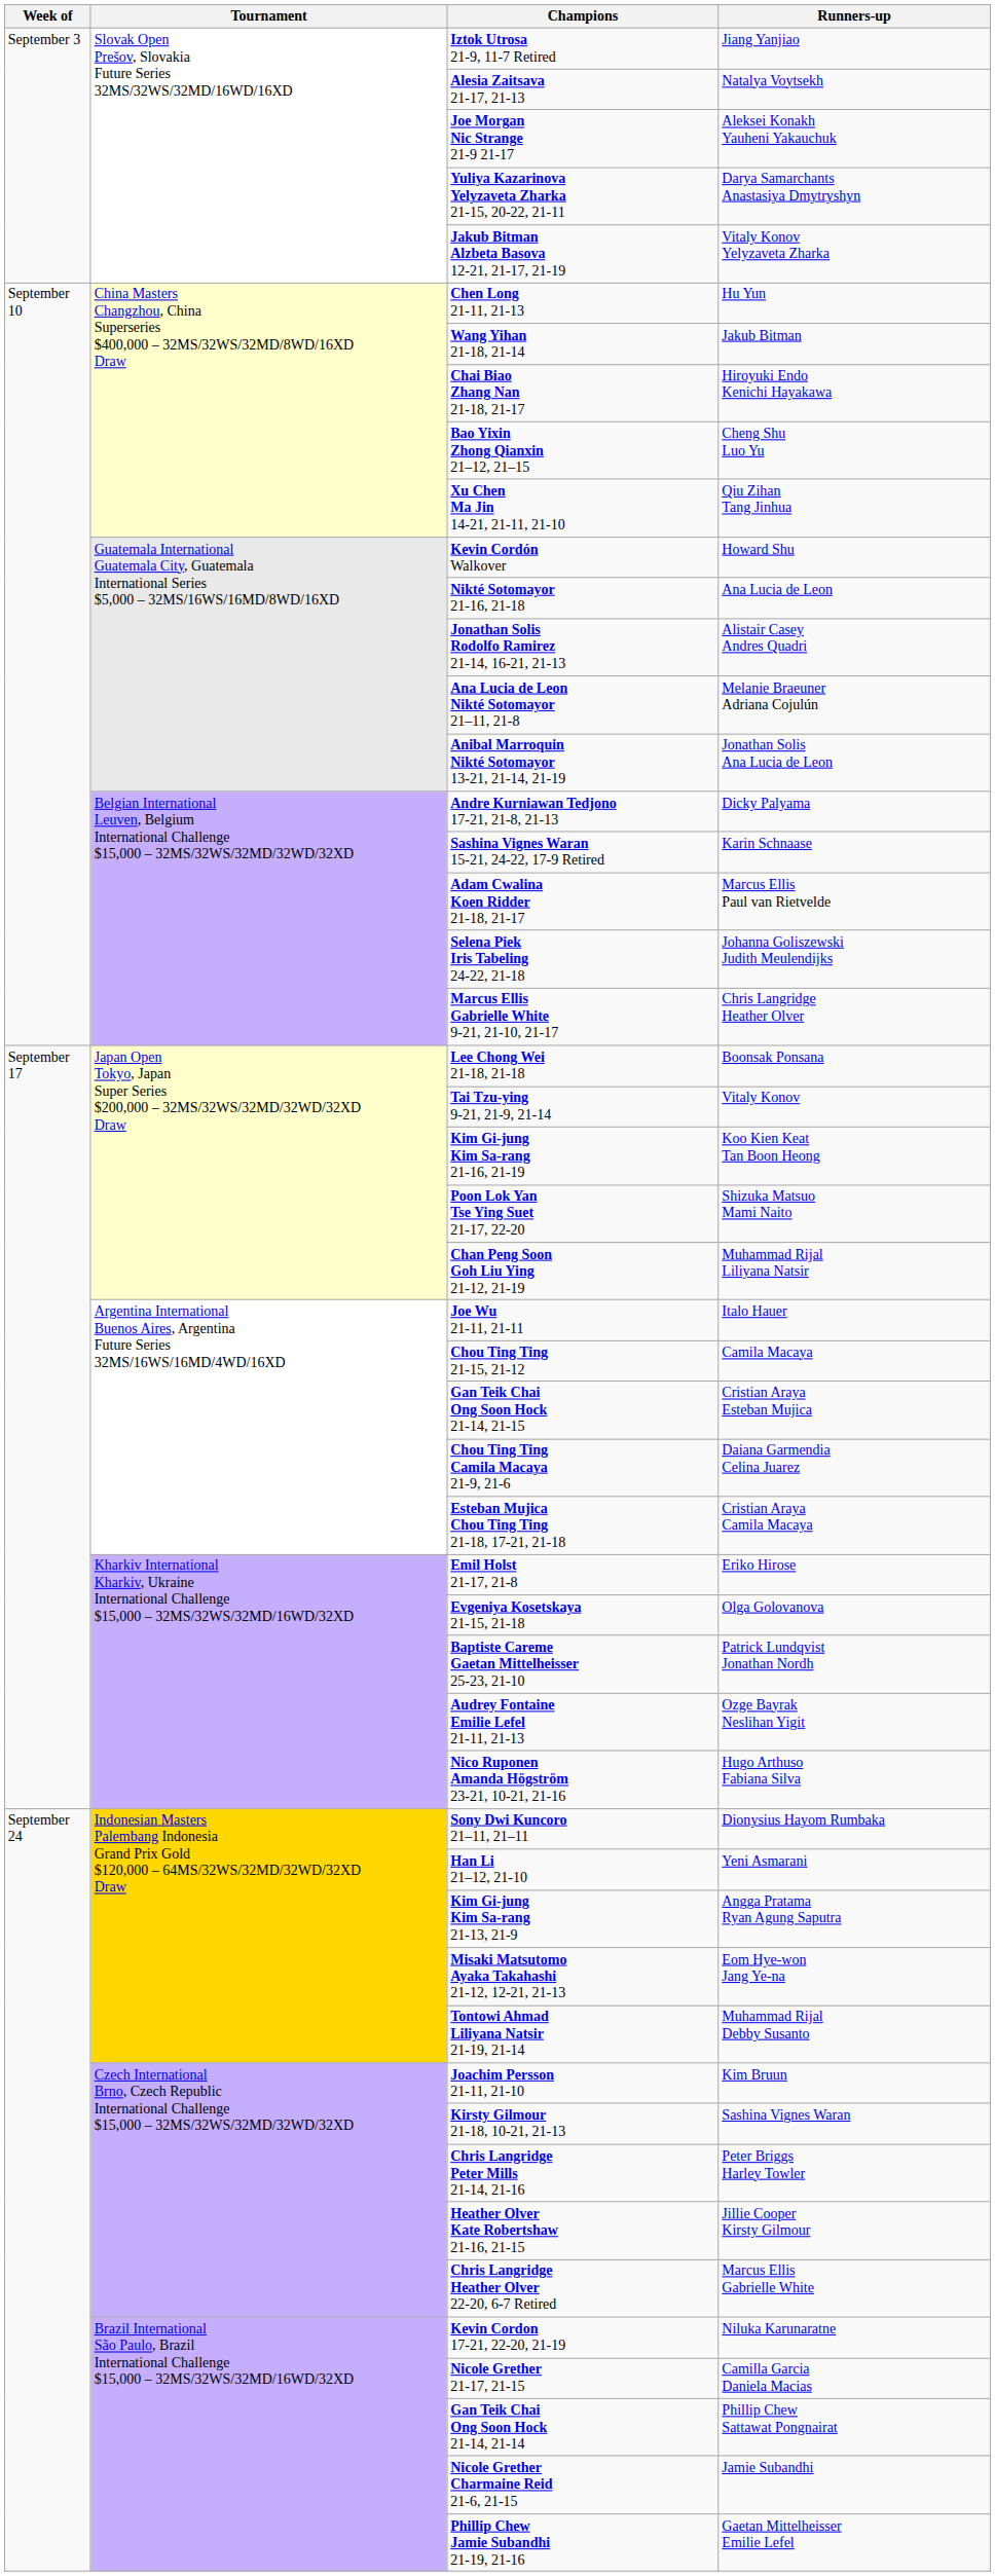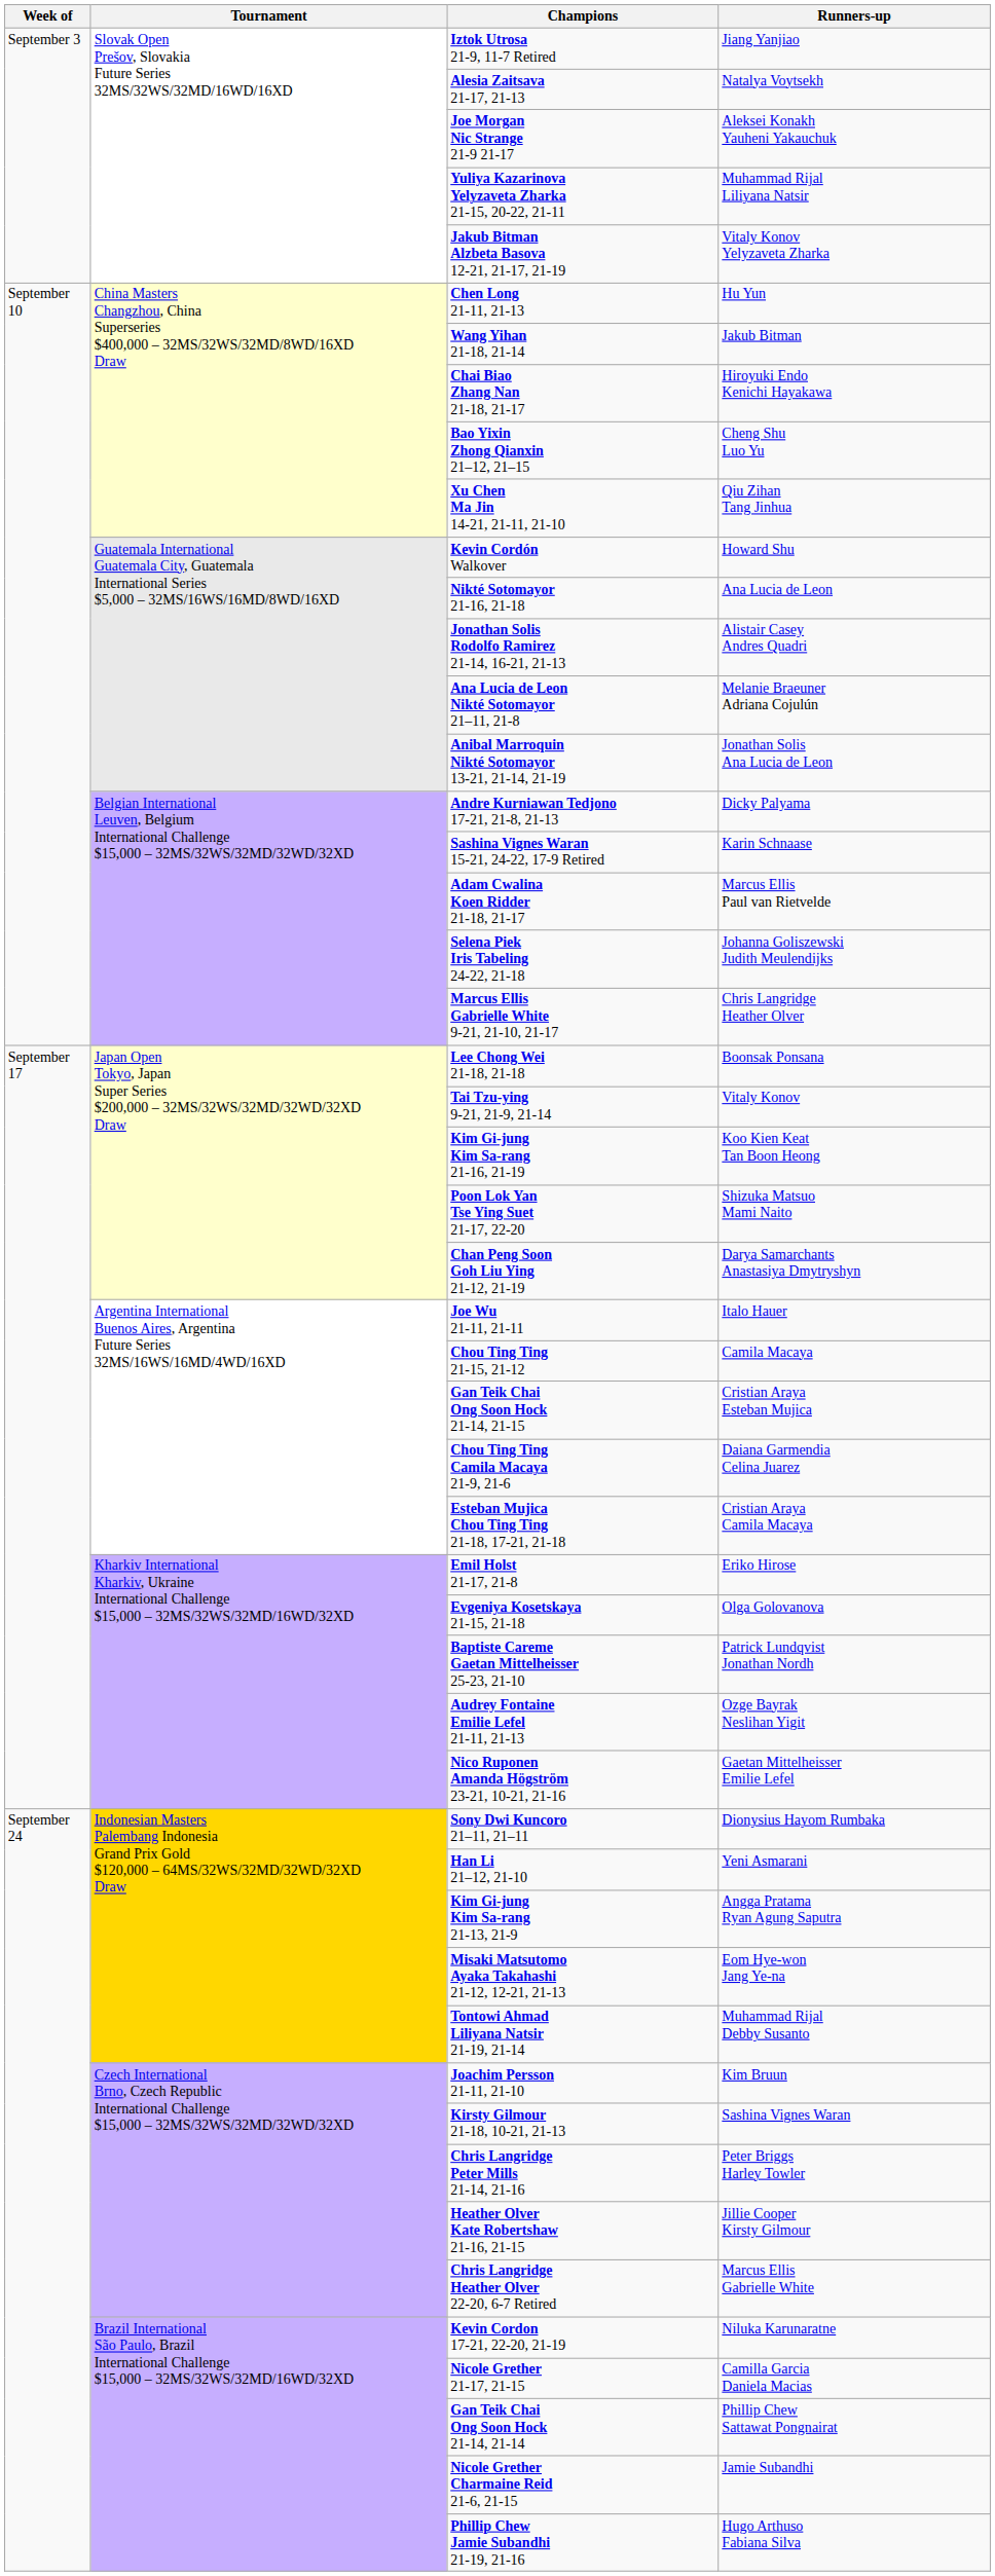 <table class=wikitable style=font-size:85%>
 <tr>
 <th width=75>Week of</th>
 <th width=330>Tournament</th>
 <th width=250>Champions</th>
 <th width=250>Runners-up</th>
 </tr>
 <tr valign=top>
 <td rowspan=5>September 3</td>
 <td style="background:#ffffff;" rowspan="5"><a href='#'>Slovak Open</a><br><a href='#'>Prešov</a>, Slovakia<br>Future Series<br>32MS/32WS/32MD/16WD/16XD</td>
 <td> <strong><a href='#'>Iztok Utrosa</a></strong><br>21-9, 11-7 Retired</td>
 <td> <a href='#'>Jiang Yanjiao</a></td>
 </tr>
 <tr valign=top>
 <td> <strong><a href='#'>Alesia Zaitsava</a></strong><br>21-17, 21-13</td>
 <td> <a href='#'>Natalya Voytsekh</a></td>
 </tr>
 <tr valign=top>
 <td> <strong><a href='#'>Joe Morgan</a><br> <a href='#'>Nic Strange</a></strong><br>21-9 21-17</td>
 <td> <a href='#'>Aleksei Konakh</a><br> <a href='#'>Yauheni Yakauchuk</a></td>
 </tr>
 <tr valign=top>
 <td> <strong><a href='#'>Yuliya Kazarinova</a><br> <a href='#'>Yelyzaveta Zharka</a></strong><br>21-15, 20-22, 21-11</td>
-<td> <a href='#'>Darya Samarchants</a><br> <a href='#'>Anastasiya Dmytryshyn</a></td>
+<td> <a href='#'>Muhammad Rijal</a><br> <a href='#'>Liliyana Natsir</a></td>
 </tr>
 <tr valign=top>
 <td> <strong><a href='#'>Jakub Bitman</a><br> <a href='#'>Alzbeta Basova</a></strong><br>12-21, 21-17, 21-19</td>
 <td> <a href='#'>Vitaly Konov</a><br> <a href='#'>Yelyzaveta Zharka</a></td>
 </tr>
 <tr valign=top>
 <td rowspan=15>September 10</td>
 <td style="background:#ffffcc;" rowspan="5"><a href='#'>China Masters</a><br><a href='#'>Changzhou</a>, China<br>Superseries<br>$400,000 – 32MS/32WS/32MD/8WD/16XD<br><a href='#'>Draw</a></td>
 <td> <strong><a href='#'>Chen Long</a></strong><br>21-11, 21-13</td>
 <td> <a href='#'>Hu Yun</a></td>
 </tr>
 <tr valign=top>
 <td> <strong><a href='#'>Wang Yihan</a></strong><br>21-18, 21-14</td>
 <td> <a href='#'>Jakub Bitman</a></td>
 </tr>
 <tr valign=top>
 <td> <strong><a href='#'>Chai Biao</a><br> <a href='#'>Zhang Nan</a></strong><br>21-18, 21-17</td>
 <td> <a href='#'>Hiroyuki Endo</a><br> <a href='#'>Kenichi Hayakawa</a></td>
 </tr>
 <tr valign=top>
 <td> <strong><a href='#'>Bao Yixin</a><br> <a href='#'>Zhong Qianxin</a></strong><br>21–12, 21–15</td>
 <td> <a href='#'>Cheng Shu</a><br> <a href='#'>Luo Yu</a></td>
 </tr>
 <tr valign=top>
 <td> <strong><a href='#'>Xu Chen</a><br> <a href='#'>Ma Jin</a></strong><br>14-21, 21-11, 21-10</td>
 <td> <a href='#'>Qiu Zihan</a><br> <a href='#'>Tang Jinhua</a></td>
 </tr>
 <tr valign=top>
 <td style="background:#E9E9E9;" rowspan="5"><a href='#'>Guatemala International</a><br><a href='#'>Guatemala City</a>, Guatemala<br>International Series<br>$5,000 – 32MS/16WS/16MD/8WD/16XD</td>
 <td> <strong><a href='#'>Kevin Cordón</a></strong><br>Walkover</td>
 <td> <a href='#'>Howard Shu</a></td>
 </tr>
 <tr valign=top>
 <td> <strong><a href='#'>Nikté Sotomayor</a></strong><br>21-16, 21-18</td>
 <td> <a href='#'>Ana Lucia de Leon</a></td>
 </tr>
 <tr valign=top>
 <td> <strong><a href='#'>Jonathan Solis</a><br> <a href='#'>Rodolfo Ramirez</a></strong><br>21-14, 16-21, 21-13</td>
 <td> <a href='#'>Alistair Casey</a><br> <a href='#'>Andres Quadri</a></td>
 </tr>
 <tr valign=top>
 <td> <strong><a href='#'>Ana Lucia de Leon</a><br> <a href='#'>Nikté Sotomayor</a></strong><br>21–11, 21-8</td>
 <td> <a href='#'>Melanie Braeuner</a><br> Adriana Cojulún</td>
 </tr>
 <tr valign=top>
 <td> <strong><a href='#'>Anibal Marroquin</a><br> <a href='#'>Nikté Sotomayor</a></strong><br>13-21, 21-14, 21-19</td>
 <td> <a href='#'>Jonathan Solis</a><br> <a href='#'>Ana Lucia de Leon</a></td>
 </tr>
 <tr valign=top>
 <td style="background:#C6AEFF;" rowspan="5"><a href='#'>Belgian International</a><br><a href='#'>Leuven</a>, Belgium<br>International Challenge<br>$15,000 – 32MS/32WS/32MD/32WD/32XD</td>
 <td> <strong><a href='#'>Andre Kurniawan Tedjono</a></strong><br>17-21, 21-8, 21-13</td>
 <td> <a href='#'>Dicky Palyama</a></td>
 </tr>
 <tr valign=top>
 <td> <strong><a href='#'>Sashina Vignes Waran</a></strong><br>15-21, 24-22, 17-9 Retired</td>
 <td> <a href='#'>Karin Schnaase</a></td>
 </tr>
 <tr valign=top>
 <td> <strong><a href='#'>Adam Cwalina</a><br> <a href='#'>Koen Ridder</a></strong><br>21-18, 21-17</td>
 <td> <a href='#'>Marcus Ellis</a><br> Paul van Rietvelde</td>
 </tr>
 <tr valign=top>
 <td> <strong><a href='#'>Selena Piek</a><br> <a href='#'>Iris Tabeling</a></strong><br>24-22, 21-18</td>
 <td> <a href='#'>Johanna Goliszewski</a><br> <a href='#'>Judith Meulendijks</a></td>
 </tr>
 <tr valign=top>
 <td> <strong><a href='#'>Marcus Ellis</a><br> <a href='#'>Gabrielle White</a></strong><br>9-21, 21-10, 21-17</td>
 <td> <a href='#'>Chris Langridge</a><br> <a href='#'>Heather Olver</a></td>
 </tr>
 <tr valign=top>
 <td rowspan=15>September 17</td>
 <td style="background:#ffffcc;" rowspan="5"><a href='#'>Japan Open</a><br><a href='#'>Tokyo</a>, Japan<br>Super Series<br>$200,000 – 32MS/32WS/32MD/32WD/32XD<br><a href='#'>Draw</a></td>
 <td> <strong><a href='#'>Lee Chong Wei</a></strong> <br>21-18, 21-18</td>
 <td> <a href='#'>Boonsak Ponsana</a></td>
 </tr>
 <tr valign=top>
 <td> <strong><a href='#'>Tai Tzu-ying</a></strong><br>9-21, 21-9, 21-14</td>
 <td> <a href='#'>Vitaly Konov</a></td>
 </tr>
 <tr valign=top>
 <td> <strong><a href='#'>Kim Gi-jung</a><br> <a href='#'>Kim Sa-rang</a></strong><br>21-16, 21-19</td>
 <td> <a href='#'>Koo Kien Keat</a><br> <a href='#'>Tan Boon Heong</a></td>
 </tr>
 <tr valign=top>
 <td> <strong><a href='#'>Poon Lok Yan</a><br> <a href='#'>Tse Ying Suet</a></strong><br>21-17, 22-20</td>
 <td> <a href='#'>Shizuka Matsuo</a><br> <a href='#'>Mami Naito</a></td>
 </tr>
 <tr valign=top>
 <td> <strong><a href='#'>Chan Peng Soon</a><br> <a href='#'>Goh Liu Ying</a></strong><br>21-12, 21-19</td>
-<td> <a href='#'>Muhammad Rijal</a><br> <a href='#'>Liliyana Natsir</a></td>
+<td> <a href='#'>Darya Samarchants</a><br> <a href='#'>Anastasiya Dmytryshyn</a></td>
 </tr>
 <tr valign=top>
 <td style="background:#ffffff;" rowspan="5"><a href='#'>Argentina International</a><br><a href='#'>Buenos Aires</a>, Argentina<br>Future Series<br>32MS/16WS/16MD/4WD/16XD</td>
 <td> <strong><a href='#'>Joe Wu</a></strong><br>21-11, 21-11</td>
 <td> <a href='#'>Italo Hauer</a></td>
 </tr>
 <tr valign=top>
 <td> <strong><a href='#'>Chou Ting Ting</a></strong><br>21-15, 21-12</td>
 <td> <a href='#'>Camila Macaya</a></td>
 </tr>
 <tr valign=top>
 <td> <strong><a href='#'>Gan Teik Chai</a><br> <a href='#'>Ong Soon Hock</a></strong><br>21-14, 21-15</td>
 <td> <a href='#'>Cristian Araya</a><br> <a href='#'>Esteban Mujica</a></td>
 </tr>
 <tr valign=top>
 <td> <strong><a href='#'>Chou Ting Ting</a><br> <a href='#'>Camila Macaya</a></strong><br>21-9, 21-6</td>
 <td> <a href='#'>Daiana Garmendia</a><br> <a href='#'>Celina Juarez</a></td>
 </tr>
 <tr valign=top>
 <td> <strong><a href='#'>Esteban Mujica</a><br> <a href='#'>Chou Ting Ting</a></strong><br>21-18, 17-21, 21-18</td>
 <td> <a href='#'>Cristian Araya</a><br> <a href='#'>Camila Macaya</a></td>
 </tr>
 <tr valign=top>
 <td style="background:#C6AEFF;" rowspan="5"><a href='#'>Kharkiv International</a><br><a href='#'>Kharkiv</a>, Ukraine<br>International Challenge<br>$15,000 – 32MS/32WS/32MD/16WD/32XD</td>
 <td> <strong><a href='#'>Emil Holst</a></strong><br>21-17, 21-8</td>
 <td> <a href='#'>Eriko Hirose</a></td>
 </tr>
 <tr valign=top>
 <td> <strong><a href='#'>Evgeniya Kosetskaya</a></strong><br>21-15, 21-18</td>
 <td> <a href='#'>Olga Golovanova</a></td>
 </tr>
 <tr valign=top>
 <td> <strong><a href='#'>Baptiste Careme</a><br> <a href='#'>Gaetan Mittelheisser</a></strong><br>25-23, 21-10</td>
 <td> <a href='#'>Patrick Lundqvist</a><br> <a href='#'>Jonathan Nordh</a></td>
 </tr>
 <tr valign=top>
 <td> <strong><a href='#'>Audrey Fontaine</a><br> <a href='#'>Emilie Lefel</a></strong><br>21-11, 21-13</td>
 <td> <a href='#'>Ozge Bayrak</a><br> <a href='#'>Neslihan Yigit</a></td>
 </tr>
 <tr valign=top>
 <td> <strong><a href='#'>Nico Ruponen</a><br> <a href='#'>Amanda Högström</a></strong><br>23-21, 10-21, 21-16</td>
-<td> <a href='#'>Hugo Arthuso</a><br> <a href='#'>Fabiana Silva</a></td>
+<td> <a href='#'>Gaetan Mittelheisser</a><br> <a href='#'>Emilie Lefel</a></td>
 </tr>
 <tr valign=top>
 <td rowspan=15>September 24</td>
 <td style="background:#FFD700;" rowspan="5"><a href='#'>Indonesian Masters</a><br><a href='#'>Palembang</a> Indonesia<br>Grand Prix Gold<br>$120,000 – 64MS/32WS/32MD/32WD/32XD<br><a href='#'>Draw</a></td>
 <td> <strong><a href='#'>Sony Dwi Kuncoro</a></strong><br>21–11, 21–11</td>
 <td> <a href='#'>Dionysius Hayom Rumbaka</a></td>
 </tr>
 <tr valign=top>
 <td> <strong><a href='#'>Han Li</a></strong><br>21–12, 21-10</td>
 <td> <a href='#'>Yeni Asmarani</a></td>
 </tr>
 <tr valign=top>
 <td> <strong><a href='#'>Kim Gi-jung</a><br> <a href='#'>Kim Sa-rang</a></strong><br>21-13, 21-9</td>
 <td> <a href='#'>Angga Pratama</a><br> <a href='#'>Ryan Agung Saputra</a></td>
 </tr>
 <tr valign=top>
 <td> <strong><a href='#'>Misaki Matsutomo</a><br> <a href='#'>Ayaka Takahashi</a></strong><br>21-12, 12-21, 21-13</td>
 <td> <a href='#'>Eom Hye-won</a><br> <a href='#'>Jang Ye-na</a></td>
 </tr>
 <tr valign=top>
 <td> <strong><a href='#'>Tontowi Ahmad</a><br> <a href='#'>Liliyana Natsir</a></strong><br>21-19, 21-14</td>
 <td> <a href='#'>Muhammad Rijal</a><br> <a href='#'>Debby Susanto</a></td>
 </tr>
 <tr valign=top>
 <td style="background:#C6AEFF;" rowspan="5"><a href='#'>Czech International</a><br><a href='#'>Brno</a>, Czech Republic<br>International Challenge<br>$15,000 – 32MS/32WS/32MD/32WD/32XD</td>
 <td> <strong><a href='#'>Joachim Persson</a></strong><br>21-11, 21-10</td>
 <td> <a href='#'>Kim Bruun</a></td>
 </tr>
 <tr valign=top>
 <td> <strong><a href='#'>Kirsty Gilmour</a></strong><br>21-18, 10-21, 21-13</td>
 <td> <a href='#'>Sashina Vignes Waran</a></td>
 </tr>
 <tr valign=top>
 <td> <strong><a href='#'>Chris Langridge</a><br> <a href='#'>Peter Mills</a></strong><br>21-14, 21-16</td>
 <td> <a href='#'>Peter Briggs</a><br> <a href='#'>Harley Towler</a></td>
 </tr>
 <tr valign=top>
 <td> <strong><a href='#'>Heather Olver</a><br> <a href='#'>Kate Robertshaw</a></strong><br>21-16, 21-15</td>
 <td> <a href='#'>Jillie Cooper</a><br> <a href='#'>Kirsty Gilmour</a></td>
 </tr>
 <tr valign=top>
 <td> <strong><a href='#'>Chris Langridge</a><br> <a href='#'>Heather Olver</a></strong><br>22-20, 6-7 Retired</td>
 <td> <a href='#'>Marcus Ellis</a><br> <a href='#'>Gabrielle White</a></td>
 </tr>
 <tr valign=top>
 <td style="background:#C6AEFF;" rowspan="5"><a href='#'>Brazil International</a><br><a href='#'>São Paulo</a>, Brazil<br>International Challenge<br>$15,000 – 32MS/32WS/32MD/16WD/32XD</td>
 <td> <strong><a href='#'>Kevin Cordon</a></strong><br>17-21, 22-20, 21-19</td>
 <td> <a href='#'>Niluka Karunaratne</a></td>
 </tr>
 <tr valign=top>
 <td> <strong><a href='#'>Nicole Grether</a></strong><br>21-17, 21-15</td>
 <td> <a href='#'>Camilla Garcia</a><br> <a href='#'>Daniela Macias</a></td>
 </tr>
 <tr valign=top>
 <td> <strong><a href='#'>Gan Teik Chai</a><br> <a href='#'>Ong Soon Hock</a></strong><br>21-14, 21-14</td>
 <td> <a href='#'>Phillip Chew</a><br> <a href='#'>Sattawat Pongnairat</a></td>
 </tr>
 <tr valign=top>
 <td> <strong><a href='#'>Nicole Grether</a><br> <a href='#'>Charmaine Reid</a></strong><br>21-6, 21-15</td>
 <td> <a href='#'>Jamie Subandhi</a></td>
 </tr>
 <tr valign=top>
 <td> <strong><a href='#'>Phillip Chew</a><br> <a href='#'>Jamie Subandhi</a></strong><br>21-19, 21-16</td>
-<td> <a href='#'>Gaetan Mittelheisser</a><br> <a href='#'>Emilie Lefel</a></td>
+<td> <a href='#'>Hugo Arthuso</a><br> <a href='#'>Fabiana Silva</a></td>
 </tr>
 </table>
